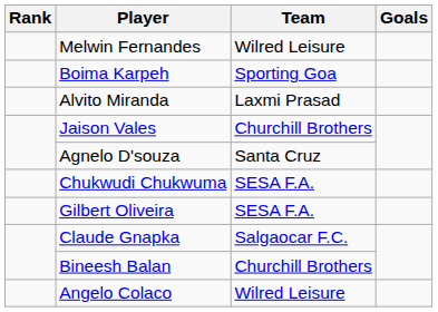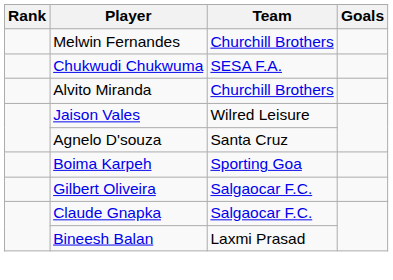 <table class="wikitable sortable" style="text9-align:center">
 <tr>
 <th>Rank</th>
 <th>Player</th>
 <th>Team</th>
 <th>Goals</th>
 </tr>
 <tr>
 <td></td>
 <td align="left"> Melwin Fernandes</td>
+<td align="left"><a href='#'>Churchill Brothers</a></td>
+<td></td>
+</tr>
+<tr>
+<td></td>
+<td align="left"> <a href='#'>Chukwudi Chukwuma</a></td>
+<td align="left"><a href='#'>SESA F.A.</a></td>
+<td></td>
+</tr>
+<tr>
+<td></td>
+<td align="left"> Alvito Miranda</td>
+<td align="left"><a href='#'>Churchill Brothers</a></td>
+<td></td>
+</tr>
+<tr>
+<td rowspan="2"></td>
+<td align="left"> <a href='#'>Jaison Vales</a></td>
 <td align="left">Wilred Leisure</td>
-<td></td>
+<td rowspan="2"></td>
+</tr>
+<tr>
+<td align="left"> Agnelo D'souza</td>
+<td align="left">Santa Cruz</td>
 </tr>
 <tr>
 <td></td>
 <td align="left"> <a href='#'>Boima Karpeh</a></td>
 <td align="left"><a href='#'>Sporting Goa</a></td>
 <td></td>
 </tr>
 <tr>
 <td></td>
-<td align="left"> Alvito Miranda</td>
-<td align="left">Laxmi Prasad</td>
-<td></td>
-</tr>
-<tr>
-<td rowspan="2"></td>
-<td align="left"> <a href='#'>Jaison Vales</a></td>
-<td align="left"><a href='#'>Churchill Brothers</a></td>
-<td rowspan="2"></td>
-</tr>
-<tr>
-<td align="left"> Agnelo D'souza</td>
-<td align="left">Santa Cruz</td>
-</tr>
-<tr>
-<td></td>
-<td align="left"> <a href='#'>Chukwudi Chukwuma</a></td>
-<td align="left"><a href='#'>SESA F.A.</a></td>
-<td></td>
-</tr>
-<tr>
-<td></td>
 <td align="left"> <a href='#'>Gilbert Oliveira</a></td>
-<td align="left"><a href='#'>SESA F.A.</a></td>
+<td align="left"><a href='#'>Salgaocar F.C.</a></td>
 <td></td>
 </tr>
 <tr>
 <td rowspan="2"></td>
 <td align="left"> <a href='#'>Claude Gnapka</a></td>
 <td align="left"><a href='#'>Salgaocar F.C.</a></td>
 <td rowspan="2"></td>
 </tr>
 <tr>
 <td align="left"> <a href='#'>Bineesh Balan</a></td>
-<td align="left"><a href='#'>Churchill Brothers</a></td>
-</tr>
-<tr>
-<td></td>
-<td align="left"> <a href='#'>Angelo Colaco</a></td>
-<td align="left"><a href='#'>Wilred Leisure</a></td>
-<td></td>
+<td align="left">Laxmi Prasad</td>
 </tr>
 </table>
